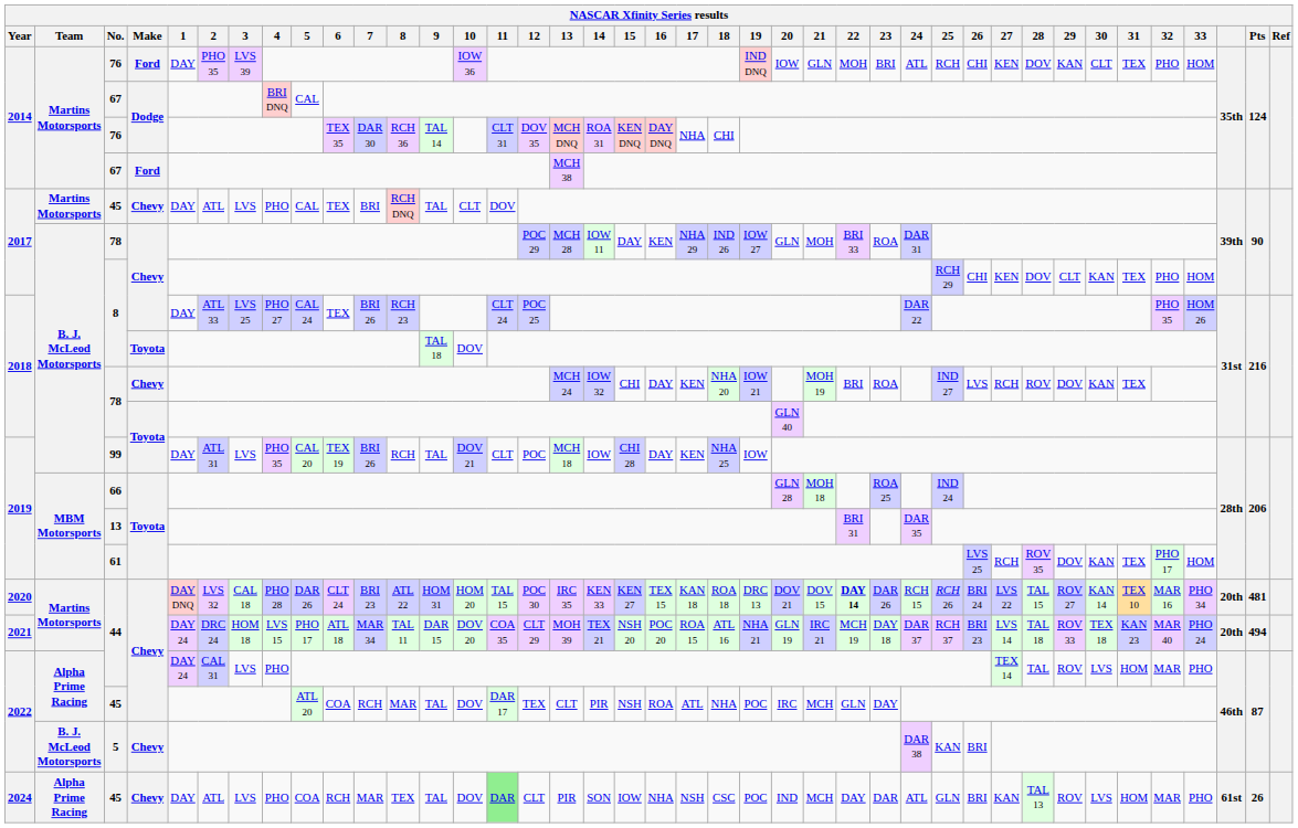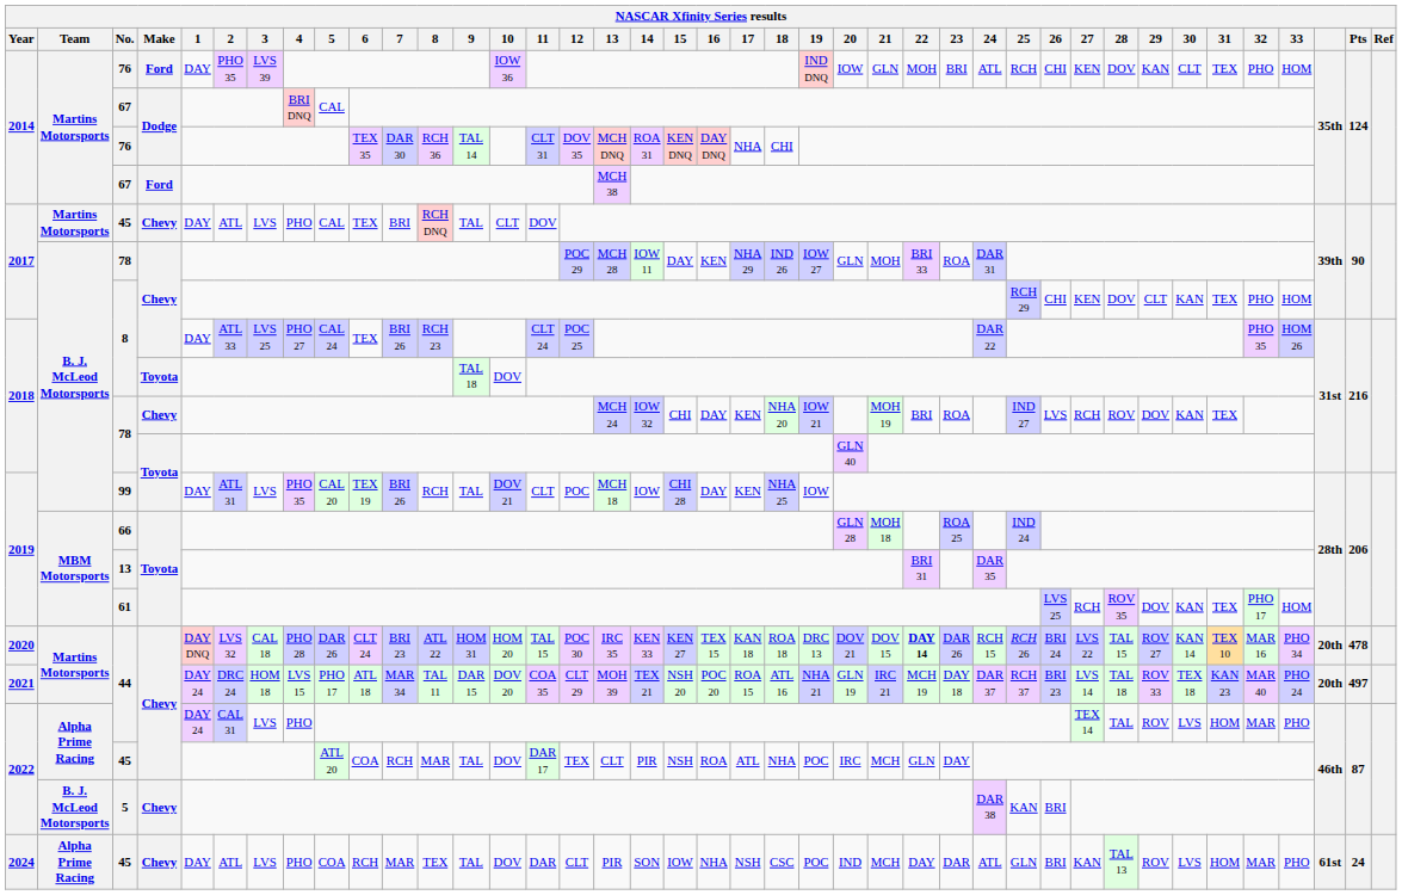 <table class="wikitable" style="text-align:center; font-size:75%">
 <tr>
 <th colspan=42><a href='#'>NASCAR Xfinity Series</a> results</th>
 </tr>
 <tr>
 <th>Year</th>
 <th>Team</th>
 <th>No.</th>
 <th>Make</th>
 <th>1</th>
 <th>2</th>
 <th>3</th>
 <th>4</th>
 <th>5</th>
 <th>6</th>
 <th>7</th>
 <th>8</th>
 <th>9</th>
 <th>10</th>
 <th>11</th>
 <th>12</th>
 <th>13</th>
 <th>14</th>
 <th>15</th>
 <th>16</th>
 <th>17</th>
 <th>18</th>
 <th>19</th>
 <th>20</th>
 <th>21</th>
 <th>22</th>
 <th>23</th>
 <th>24</th>
 <th>25</th>
 <th>26</th>
 <th>27</th>
 <th>28</th>
 <th>29</th>
 <th>30</th>
 <th>31</th>
 <th>32</th>
 <th>33</th>
 <th></th>
 <th>Pts</th>
 <th>Ref</th>
 </tr>
 <tr>
 <th rowspan=4><a href='#'>2014</a></th>
 <th rowspan=4><a href='#'>Martins Motorsports</a></th>
 <th>76</th>
 <th><a href='#'>Ford</a></th>
 <td><a href='#'>DAY</a></td>
 <td style="background:#EFCFFF;"><a href='#'>PHO</a><br><small>35</small></td>
 <td style="background:#EFCFFF;"><a href='#'>LVS</a><br><small>39</small></td>
 <td colspan=6></td>
 <td style="background:#EFCFFF;"><a href='#'>IOW</a><br><small>36</small></td>
 <td colspan=8></td>
 <td style="background:#FFCFCF;"><a href='#'>IND</a><br><small>DNQ</small></td>
 <td><a href='#'>IOW</a></td>
 <td><a href='#'>GLN</a></td>
 <td><a href='#'>MOH</a></td>
 <td><a href='#'>BRI</a></td>
 <td><a href='#'>ATL</a></td>
 <td><a href='#'>RCH</a></td>
 <td><a href='#'>CHI</a></td>
 <td><a href='#'>KEN</a></td>
 <td><a href='#'>DOV</a></td>
 <td><a href='#'>KAN</a></td>
 <td><a href='#'>CLT</a></td>
 <td><a href='#'>TEX</a><br><small></small></td>
 <td><a href='#'>PHO</a></td>
 <td><a href='#'>HOM</a></td>
 <th rowspan=4>35th</th>
 <th rowspan=4>124</th>
 <th rowspan=4></th>
 </tr>
 <tr>
 <th>67</th>
 <th rowspan=2><a href='#'>Dodge</a></th>
 <td colspan=3></td>
 <td style="background:#FFCFCF;"><a href='#'>BRI</a><br><small>DNQ</small></td>
 <td><a href='#'>CAL</a></td>
 <td colspan=28></td>
 </tr>
 <tr>
 <th>76</th>
 <td colspan=5></td>
 <td style="background:#EFCFFF;"><a href='#'>TEX</a><br><small>35</small></td>
 <td style="background:#CFCFFF;"><a href='#'>DAR</a><br><small>30</small></td>
 <td style="background:#EFCFFF;"><a href='#'>RCH</a><br><small>36</small></td>
 <td style="background:#DFFFDF;"><a href='#'>TAL</a><br><small>14</small></td>
 <td></td>
 <td style="background:#CFCFFF;"><a href='#'>CLT</a><br><small>31</small></td>
 <td style="background:#EFCFFF;"><a href='#'>DOV</a><br><small>35</small></td>
 <td style="background:#FFCFCF;"><a href='#'>MCH</a><br><small>DNQ</small></td>
 <td style="background:#EFCFFF;"><a href='#'>ROA</a><br><small>31</small></td>
 <td style="background:#FFCFCF;"><a href='#'>KEN</a><br><small>DNQ</small></td>
 <td style="background:#FFCFCF;"><a href='#'>DAY</a><br><small>DNQ</small></td>
 <td><a href='#'>NHA</a></td>
 <td><a href='#'>CHI</a></td>
 <td colspan=15></td>
 </tr>
 <tr>
 <th>67</th>
 <th><a href='#'>Ford</a></th>
 <td colspan=12></td>
 <td style="background:#EFCFFF;"><a href='#'>MCH</a><br><small>38</small></td>
 <td colspan=20></td>
 </tr>
 <tr>
 <th rowspan=3><a href='#'>2017</a></th>
 <th><a href='#'>Martins Motorsports</a></th>
 <th>45</th>
 <th><a href='#'>Chevy</a></th>
 <td><a href='#'>DAY</a></td>
 <td><a href='#'>ATL</a></td>
 <td><a href='#'>LVS</a></td>
 <td><a href='#'>PHO</a></td>
 <td><a href='#'>CAL</a></td>
 <td><a href='#'>TEX</a></td>
 <td><a href='#'>BRI</a></td>
 <td style="background:#FFCFCF;"><a href='#'>RCH</a><br><small>DNQ</small></td>
 <td><a href='#'>TAL</a></td>
 <td><a href='#'>CLT</a></td>
 <td><a href='#'>DOV</a></td>
 <td colspan=22></td>
 <th rowspan=3>39th</th>
 <th rowspan=3>90</th>
 <th rowspan=3></th>
 </tr>
 <tr>
 <th rowspan=7><a href='#'>B. J. McLeod Motorsports</a></th>
 <th>78</th>
 <th rowspan=3><a href='#'>Chevy</a></th>
 <td colspan=11></td>
 <td style="background:#CFCFFF;"><a href='#'>POC</a><br><small>29</small></td>
 <td style="background:#CFCFFF;"><a href='#'>MCH</a><br><small>28</small></td>
 <td style="background:#DFFFDF;"><a href='#'>IOW</a><br><small>11</small></td>
 <td><a href='#'>DAY</a></td>
 <td><a href='#'>KEN</a></td>
 <td style="background:#CFCFFF;"><a href='#'>NHA</a><br><small>29</small></td>
 <td style="background:#CFCFFF;"><a href='#'>IND</a><br><small>26</small></td>
 <td style="background:#CFCFFF;"><a href='#'>IOW</a><br><small>27</small></td>
 <td><a href='#'>GLN</a></td>
 <td><a href='#'>MOH</a></td>
 <td style="background:#EFCFFF;"><a href='#'>BRI</a><br><small>33</small></td>
 <td><a href='#'>ROA</a></td>
 <td style="background:#CFCFFF;"><a href='#'>DAR</a><br><small>31</small></td>
 <td colspan=9></td>
 </tr>
 <tr>
 <th rowspan=3>8</th>
 <td colspan=24></td>
 <td style="background:#CFCFFF;"><a href='#'>RCH</a><br><small>29</small></td>
 <td><a href='#'>CHI</a></td>
 <td><a href='#'>KEN</a></td>
 <td><a href='#'>DOV</a></td>
 <td><a href='#'>CLT</a></td>
 <td><a href='#'>KAN</a></td>
 <td><a href='#'>TEX</a></td>
 <td><a href='#'>PHO</a></td>
 <td><a href='#'>HOM</a></td>
 </tr>
 <tr>
 <th rowspan=4><a href='#'>2018</a></th>
 <td><a href='#'>DAY</a></td>
 <td style="background:#CFCFFF;"><a href='#'>ATL</a><br><small>33</small></td>
 <td style="background:#CFCFFF;"><a href='#'>LVS</a><br><small>25</small></td>
 <td style="background:#CFCFFF;"><a href='#'>PHO</a><br><small>27</small></td>
 <td style="background:#CFCFFF;"><a href='#'>CAL</a><br><small>24</small></td>
 <td><a href='#'>TEX</a></td>
 <td style="background:#CFCFFF;"><a href='#'>BRI</a><br><small>26</small></td>
 <td style="background:#CFCFFF;"><a href='#'>RCH</a><br><small>23</small></td>
 <td colspan=2></td>
 <td style="background:#CFCFFF;"><a href='#'>CLT</a><br><small>24</small></td>
 <td style="background:#CFCFFF;"><a href='#'>POC</a><br><small>25</small></td>
 <td colspan=11></td>
 <td style="background:#CFCFFF;"><a href='#'>DAR</a><br><small>22</small></td>
 <td colspan=7></td>
 <td style="background:#EFCFFF;"><a href='#'>PHO</a><br><small>35</small></td>
 <td style="background:#CFCFFF;"><a href='#'>HOM</a><br><small>26</small></td>
 <th rowspan=4>31st</th>
 <th rowspan=4>216</th>
 <th rowspan=4></th>
 </tr>
 <tr>
 <th><a href='#'>Toyota</a></th>
 <td colspan=8></td>
 <td style="background:#DFFFDF;"><a href='#'>TAL</a><br><small>18</small></td>
 <td><a href='#'>DOV</a></td>
 <td colspan=23></td>
 </tr>
 <tr>
 <th rowspan=2>78</th>
 <th><a href='#'>Chevy</a></th>
 <td colspan=12></td>
 <td style="background:#CFCFFF;"><a href='#'>MCH</a><br><small>24</small></td>
 <td style="background:#CFCFFF;"><a href='#'>IOW</a><br><small>32</small></td>
 <td><a href='#'>CHI</a></td>
 <td><a href='#'>DAY</a></td>
 <td><a href='#'>KEN</a></td>
 <td style="background:#DFFFDF;"><a href='#'>NHA</a><br><small>20</small></td>
 <td style="background:#CFCFFF;"><a href='#'>IOW</a><br><small>21</small></td>
 <td></td>
 <td style="background:#DFFFDF;"><a href='#'>MOH</a><br><small>19</small></td>
 <td><a href='#'>BRI</a></td>
 <td><a href='#'>ROA</a></td>
 <td></td>
 <td style="background:#CFCFFF;"><a href='#'>IND</a><br><small>27</small></td>
 <td><a href='#'>LVS</a></td>
 <td><a href='#'>RCH</a></td>
 <td><a href='#'>ROV</a></td>
 <td><a href='#'>DOV</a></td>
 <td><a href='#'>KAN</a></td>
 <td><a href='#'>TEX</a></td>
 <td colspan=2></td>
 </tr>
 <tr>
 <th rowspan=2><a href='#'>Toyota</a></th>
 <td colspan=19></td>
 <td style="background:#EFCFFF;"><a href='#'>GLN</a><br><small>40</small></td>
 <td colspan=13></td>
 </tr>
 <tr>
 <th rowspan=4><a href='#'>2019</a></th>
 <th>99</th>
 <td><a href='#'>DAY</a></td>
 <td style="background:#CFCFFF;"><a href='#'>ATL</a><br><small>31</small></td>
 <td><a href='#'>LVS</a></td>
 <td style="background:#EFCFFF;"><a href='#'>PHO</a><br><small>35</small></td>
 <td style="background:#DFFFDF;"><a href='#'>CAL</a><br><small>20</small></td>
 <td style="background:#DFFFDF;"><a href='#'>TEX</a><br><small>19</small></td>
 <td style="background:#CFCFFF;"><a href='#'>BRI</a><br><small>26</small></td>
 <td><a href='#'>RCH</a></td>
 <td><a href='#'>TAL</a></td>
 <td style="background:#CFCFFF;"><a href='#'>DOV</a><br><small>21</small></td>
 <td><a href='#'>CLT</a></td>
 <td><a href='#'>POC</a></td>
 <td style="background:#DFFFDF;"><a href='#'>MCH</a><br><small>18</small></td>
 <td><a href='#'>IOW</a></td>
 <td style="background:#CFCFFF;"><a href='#'>CHI</a><br><small>28</small></td>
 <td><a href='#'>DAY</a></td>
 <td><a href='#'>KEN</a></td>
 <td style="background:#CFCFFF;"><a href='#'>NHA</a><br><small>25</small></td>
 <td><a href='#'>IOW</a></td>
 <td colspan=14></td>
 <th rowspan=4>28th</th>
 <th rowspan=4>206</th>
 <th rowspan=4></th>
 </tr>
 <tr>
 <th rowspan=3><a href='#'>MBM Motorsports</a></th>
 <th>66</th>
 <th rowspan=3><a href='#'>Toyota</a></th>
 <td colspan=19></td>
 <td style="background:#EFCFFF;"><a href='#'>GLN</a><br><small>28</small></td>
 <td style="background:#DFFFDF;"><a href='#'>MOH</a><br><small>18</small></td>
 <td></td>
 <td style="background:#CFCFFF;"><a href='#'>ROA</a><br><small>25</small></td>
 <td></td>
 <td style="background:#CFCFFF;"><a href='#'>IND</a><br><small>24</small></td>
 <td colspan=8></td>
 </tr>
 <tr>
 <th>13</th>
 <td colspan=21></td>
 <td style="background:#EFCFFF;"><a href='#'>BRI</a><br><small>31</small></td>
 <td></td>
 <td style="background:#EFCFFF;"><a href='#'>DAR</a><br><small>35</small></td>
 <td colspan=9></td>
 </tr>
 <tr>
 <th>61</th>
 <td colspan=25></td>
 <td style="background:#CFCFFF;"><a href='#'>LVS</a><br><small>25</small></td>
 <td><a href='#'>RCH</a></td>
 <td style="background:#EFCFFF;"><a href='#'>ROV</a><br><small>35</small></td>
 <td><a href='#'>DOV</a></td>
 <td><a href='#'>KAN</a></td>
 <td><a href='#'>TEX</a></td>
 <td style="background:#DFFFDF;"><a href='#'>PHO</a><br><small>17</small></td>
 <td><a href='#'>HOM</a></td>
 </tr>
 <tr>
 <th><a href='#'>2020</a></th>
 <th rowspan=2><a href='#'>Martins Motorsports</a></th>
 <th rowspan=3>44</th>
 <th rowspan=4><a href='#'>Chevy</a></th>
 <td style="background:#FFCFCF;"><a href='#'>DAY</a><br><small>DNQ</small></td>
 <td style="background:#EFCFFF;"><a href='#'>LVS</a><br><small>32</small></td>
 <td style="background:#DFFFDF;"><a href='#'>CAL</a><br><small>18</small></td>
 <td style="background:#CFCFFF;"><a href='#'>PHO</a><br><small>28</small></td>
 <td style="background:#CFCFFF;"><a href='#'>DAR</a><br><small>26</small></td>
 <td style="background:#EFCFFF;"><a href='#'>CLT</a><br><small>24</small></td>
 <td style="background:#CFCFFF;"><a href='#'>BRI</a><br><small>23</small></td>
 <td style="background:#CFCFFF;"><a href='#'>ATL</a><br><small>22</small></td>
 <td style="background:#CFCFFF;"><a href='#'>HOM</a><br><small>31</small></td>
 <td style="background:#DFFFDF;"><a href='#'>HOM</a><br><small>20</small></td>
 <td style="background:#DFFFDF;"><a href='#'>TAL</a><br><small>15</small></td>
 <td style="background:#EFCFFF;"><a href='#'>POC</a><br><small>30</small></td>
 <td style="background:#EFCFFF;"><a href='#'>IRC</a><br><small>35</small></td>
 <td style="background:#EFCFFF;"><a href='#'>KEN</a><br><small>33</small></td>
 <td style="background:#CFCFFF;"><a href='#'>KEN</a><br><small>27</small></td>
 <td style="background:#DFFFDF;"><a href='#'>TEX</a><br><small>15</small></td>
 <td style="background:#DFFFDF;"><a href='#'>KAN</a><br><small>18</small></td>
 <td style="background:#DFFFDF;"><a href='#'>ROA</a><br><small>18</small></td>
 <td style="background:#DFFFDF;"><a href='#'>DRC</a><br><small>13</small></td>
 <td style="background:#CFCFFF;"><a href='#'>DOV</a><br><small>21</small></td>
 <td style="background:#DFFFDF;"><a href='#'>DOV</a><br><small>15</small></td>
 <td style="background:#DFFFDF;"><strong><a href='#'>DAY</a><br><small>14</small></strong></td>
 <td style="background:#CFCFFF;"><a href='#'>DAR</a><br><small>26</small></td>
 <td style="background:#DFFFDF;"><a href='#'>RCH</a><br><small>15</small></td>
 <td style="background:#CFCFFF;"><em><a href='#'>RCH</a></em><br><small>26</small></td>
 <td style="background:#CFCFFF;"><a href='#'>BRI</a><br><small>24</small></td>
 <td style="background:#CFCFFF;"><a href='#'>LVS</a><br><small>22</small></td>
 <td style="background:#DFFFDF;"><a href='#'>TAL</a><br><small>15</small></td>
 <td style="background:#CFCFFF;"><a href='#'>ROV</a><br><small>27</small></td>
 <td style="background:#DFFFDF;"><a href='#'>KAN</a><br><small>14</small></td>
 <td style="background:#FFDF9F;"><a href='#'>TEX</a><br><small>10</small></td>
 <td style="background:#DFFFDF;"><a href='#'>MAR</a><br><small>16</small></td>
 <td style="background:#EFCFFF;"><a href='#'>PHO</a><br><small>34</small></td>
 <th>20th</th>
-<th>481</th>
+<th>478</th>
 <th></th>
 </tr>
 <tr>
 <th><a href='#'>2021</a></th>
 <td style="background:#EFCFFF;"><a href='#'>DAY</a><br><small>24</small></td>
 <td style="background:#CFCFFF;"><a href='#'>DRC</a><br><small>24</small></td>
 <td style="background:#DFFFDF;"><a href='#'>HOM</a><br><small>18</small></td>
 <td style="background:#DFFFDF;"><a href='#'>LVS</a><br><small>15</small></td>
 <td style="background:#DFFFDF;"><a href='#'>PHO</a><br><small>17</small></td>
 <td style="background:#DFFFDF;"><a href='#'>ATL</a><br><small>18</small></td>
 <td style="background:#CFCFFF;"><a href='#'>MAR</a><br><small>34</small></td>
 <td style="background:#DFFFDF;"><a href='#'>TAL</a><br><small>11</small></td>
 <td style="background:#DFFFDF;"><a href='#'>DAR</a><br><small>15</small></td>
 <td style="background:#DFFFDF;"><a href='#'>DOV</a><br><small>20</small></td>
 <td style="background:#EFCFFF;"><a href='#'>COA</a><br><small>35</small></td>
 <td style="background:#EFCFFF;"><a href='#'>CLT</a><br><small>29</small></td>
 <td style="background:#EFCFFF;"><a href='#'>MOH</a><br><small>39</small></td>
 <td style="background:#CFCFFF;"><a href='#'>TEX</a><br><small>21</small></td>
 <td style="background:#DFFFDF;"><a href='#'>NSH</a><br><small>20</small></td>
 <td style="background:#DFFFDF;"><a href='#'>POC</a><br><small>20</small></td>
 <td style="background:#DFFFDF;"><a href='#'>ROA</a><br><small>15</small></td>
 <td style="background:#DFFFDF;"><a href='#'>ATL</a><br><small>16</small></td>
 <td style="background:#CFCFFF;"><a href='#'>NHA</a><br><small>21</small></td>
 <td style="background:#DFFFDF;"><a href='#'>GLN</a><br><small>19</small></td>
 <td style="background:#CFCFFF;"><a href='#'>IRC</a><br><small>21</small></td>
 <td style="background:#DFFFDF;"><a href='#'>MCH</a><br><small>19</small></td>
 <td style="background:#DFFFDF;"><a href='#'>DAY</a><br><small>18</small></td>
 <td style="background:#EFCFFF;"><a href='#'>DAR</a><br><small>37</small></td>
 <td style="background:#EFCFFF;"><a href='#'>RCH</a><br><small>37</small></td>
 <td style="background:#CFCFFF;"><a href='#'>BRI</a><br><small>23</small></td>
 <td style="background:#DFFFDF;"><a href='#'>LVS</a><br><small>14</small></td>
 <td style="background:#DFFFDF;"><a href='#'>TAL</a><br><small>18</small></td>
 <td style="background:#EFCFFF;"><a href='#'>ROV</a><br><small>33</small></td>
 <td style="background:#DFFFDF;"><a href='#'>TEX</a><br><small>18</small></td>
 <td style="background:#CFCFFF;"><a href='#'>KAN</a><br><small>23</small></td>
 <td style="background:#EFCFFF;'"><a href='#'>MAR</a><br><small>40</small></td>
 <td style="background:#CFCFFF;"><a href='#'>PHO</a><br><small>24</small></td>
 <th>20th</th>
-<th>494</th>
+<th>497</th>
 <th></th>
 </tr>
 <tr>
 <th rowspan=3><a href='#'>2022</a></th>
 <th rowspan=2><a href='#'>Alpha Prime Racing</a></th>
 <td style="background:#EFCFFF;"><a href='#'>DAY</a><br><small>24</small></td>
 <td style="background:#CFCFFF;"><a href='#'>CAL</a><br><small>31</small></td>
 <td><a href='#'>LVS</a></td>
 <td><a href='#'>PHO</a></td>
 <td colspan=22></td>
 <td style="background:#DFFFDF;"><a href='#'>TEX</a><br><small>14</small></td>
 <td><a href='#'>TAL</a></td>
 <td><a href='#'>ROV</a></td>
 <td><a href='#'>LVS</a></td>
 <td><a href='#'>HOM</a></td>
 <td><a href='#'>MAR</a></td>
 <td><a href='#'>PHO</a></td>
 <th rowspan=3>46th</th>
 <th rowspan=3>87</th>
 <th rowspan=3></th>
 </tr>
 <tr>
 <th>45</th>
 <td colspan=4></td>
 <td style="background:#DFFFDF;"><a href='#'>ATL</a><br><small>20</small></td>
 <td><a href='#'>COA</a></td>
 <td><a href='#'>RCH</a></td>
 <td><a href='#'>MAR</a></td>
 <td><a href='#'>TAL</a></td>
 <td><a href='#'>DOV</a></td>
 <td style="background:#DFFFDF;"><a href='#'>DAR</a><br><small>17</small></td>
 <td><a href='#'>TEX</a></td>
 <td><a href='#'>CLT</a></td>
 <td><a href='#'>PIR</a></td>
 <td><a href='#'>NSH</a></td>
 <td><a href='#'>ROA</a></td>
 <td><a href='#'>ATL</a></td>
 <td><a href='#'>NHA</a></td>
 <td><a href='#'>POC</a></td>
 <td><a href='#'>IRC</a></td>
 <td><a href='#'>MCH</a></td>
 <td><a href='#'>GLN</a></td>
 <td><a href='#'>DAY</a></td>
 <td colspan=10></td>
 </tr>
 <tr>
 <th><a href='#'>B. J. McLeod Motorsports</a></th>
 <th>5</th>
 <th><a href='#'>Chevy</a></th>
 <td colspan=23></td>
 <td style="background:#EFCFFF;"><a href='#'>DAR</a><br><small>38</small></td>
 <td><a href='#'>KAN</a></td>
 <td><a href='#'>BRI</a></td>
 <td colspan=7></td>
 </tr>
 <tr>
 <th><a href='#'>2024</a></th>
 <th><a href='#'>Alpha Prime Racing</a></th>
 <th>45</th>
 <th><a href='#'>Chevy</a></th>
 <td><a href='#'>DAY</a></td>
 <td><a href='#'>ATL</a></td>
 <td><a href='#'>LVS</a></td>
 <td><a href='#'>PHO</a></td>
 <td><a href='#'>COA</a></td>
 <td><a href='#'>RCH</a></td>
 <td><a href='#'>MAR</a></td>
 <td><a href='#'>TEX</a></td>
 <td><a href='#'>TAL</a></td>
 <td><a href='#'>DOV</a></td>
-<td style="background: lightgreen;"><a href='#'>DAR</a></td>
+<td><a href='#'>DAR</a></td>
 <td><a href='#'>CLT</a></td>
 <td><a href='#'>PIR</a></td>
 <td><a href='#'>SON</a></td>
 <td><a href='#'>IOW</a></td>
 <td><a href='#'>NHA</a></td>
 <td><a href='#'>NSH</a></td>
 <td><a href='#'>CSC</a></td>
 <td><a href='#'>POC</a></td>
 <td><a href='#'>IND</a></td>
 <td><a href='#'>MCH</a></td>
 <td><a href='#'>DAY</a></td>
 <td><a href='#'>DAR</a></td>
 <td><a href='#'>ATL</a></td>
 <td><a href='#'>GLN</a></td>
 <td><a href='#'>BRI</a></td>
 <td><a href='#'>KAN</a></td>
 <td style="background:#DFFFDF;"><a href='#'>TAL</a><br><small>13</small></td>
 <td><a href='#'>ROV</a></td>
 <td><a href='#'>LVS</a></td>
 <td><a href='#'>HOM</a></td>
 <td><a href='#'>MAR</a></td>
 <td><a href='#'>PHO</a></td>
 <th>61st</th>
-<th>26</th>
+<th>24</th>
 <th></th>
 </tr>
 </table>
